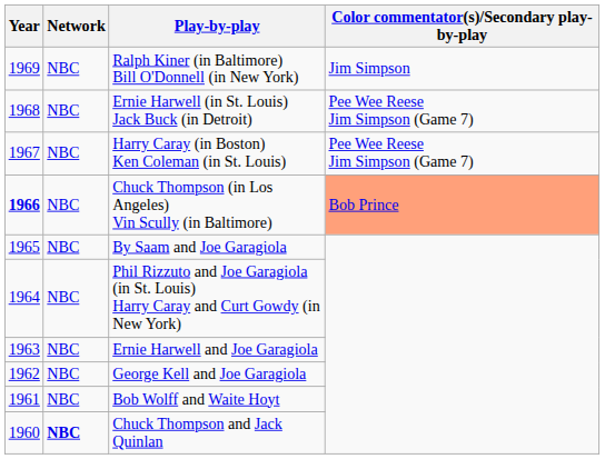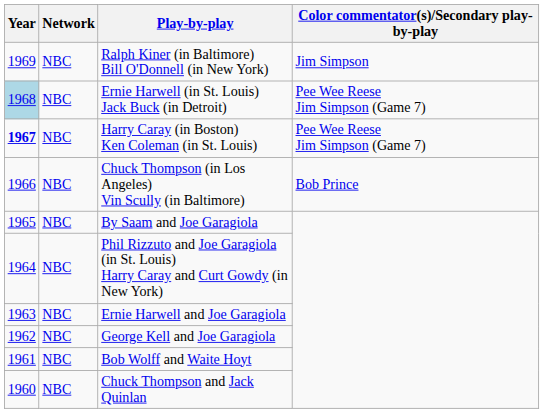 <table class="wikitable">
 <tr>
 <th>Year</th>
 <th>Network</th>
 <th><a href='#'>Play-by-play</a></th>
 <th><a href='#'>Color commentator</a>(s)/Secondary play-by-play</th>
 </tr>
 <tr>
 <td><a href='#'>1969</a></td>
 <td><a href='#'>NBC</a></td>
 <td><a href='#'>Ralph Kiner</a> (in Baltimore)<br><a href='#'>Bill O'Donnell</a> (in New York)</td>
 <td><a href='#'>Jim Simpson</a></td>
 </tr>
 <tr>
-<td><a href='#'>1968</a></td>
+<td style="background: lightblue;"><a href='#'>1968</a></td>
 <td><a href='#'>NBC</a></td>
 <td><a href='#'>Ernie Harwell</a> (in St. Louis)<br><a href='#'>Jack Buck</a> (in Detroit)</td>
 <td><a href='#'>Pee Wee Reese</a><br><a href='#'>Jim Simpson</a> (Game 7)</td>
 </tr>
 <tr>
-<td><a href='#'>1967</a></td>
+<td><strong><a href='#'>1967</a></strong></td>
 <td><a href='#'>NBC</a></td>
 <td><a href='#'>Harry Caray</a> (in Boston)<br><a href='#'>Ken Coleman</a> (in St. Louis)</td>
 <td><a href='#'>Pee Wee Reese</a><br><a href='#'>Jim Simpson</a> (Game 7)</td>
 </tr>
 <tr>
-<td><strong><a href='#'>1966</a></strong></td>
+<td><a href='#'>1966</a></td>
 <td><a href='#'>NBC</a></td>
 <td><a href='#'>Chuck Thompson</a> (in Los Angeles)<br><a href='#'>Vin Scully</a> (in Baltimore)</td>
-<td style="background: lightsalmon;"><a href='#'>Bob Prince</a></td>
+<td><a href='#'>Bob Prince</a></td>
 </tr>
 <tr>
 <td><a href='#'>1965</a></td>
 <td><a href='#'>NBC</a></td>
 <td><a href='#'>By Saam</a> and <a href='#'>Joe Garagiola</a></td>
 </tr>
 <tr>
 <td><a href='#'>1964</a></td>
 <td><a href='#'>NBC</a></td>
 <td><a href='#'>Phil Rizzuto</a> and <a href='#'>Joe Garagiola</a> (in St. Louis)<br><a href='#'>Harry Caray</a> and <a href='#'>Curt Gowdy</a> (in New York)</td>
 </tr>
 <tr>
 <td><a href='#'>1963</a></td>
 <td><a href='#'>NBC</a></td>
 <td><a href='#'>Ernie Harwell</a> and <a href='#'>Joe Garagiola</a></td>
 </tr>
 <tr>
 <td><a href='#'>1962</a></td>
 <td><a href='#'>NBC</a></td>
 <td><a href='#'>George Kell</a> and <a href='#'>Joe Garagiola</a></td>
 </tr>
 <tr>
 <td><a href='#'>1961</a></td>
 <td><a href='#'>NBC</a></td>
 <td><a href='#'>Bob Wolff</a> and <a href='#'>Waite Hoyt</a></td>
 </tr>
 <tr>
 <td><a href='#'>1960</a></td>
-<td><strong><a href='#'>NBC</a></strong></td>
+<td><a href='#'>NBC</a></td>
 <td><a href='#'>Chuck Thompson</a> and <a href='#'>Jack Quinlan</a></td>
 </tr>
 </table>
